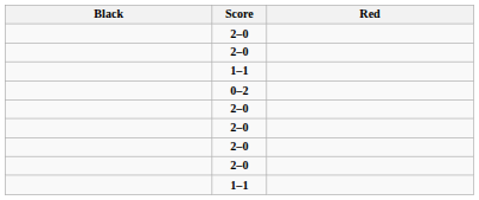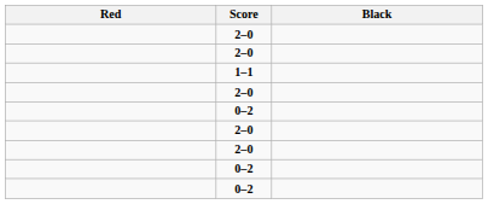 <table class="wikitable" style="text-align: center;">
 <tr>
+<th align="right" width="270">Red</th>
+<th width="65">Score</th>
 <th align="left" width="270">Black</th>
-<th width="65">Score</th>
-<th align="right" width="270">Red</th>
 </tr>
 <tr>
+<td align=left><strong></strong></td>
+<td align=center><strong>2–0</strong></td>
 <td align=left></td>
-<td align=center><strong>2–0</strong></td>
-<td align=left><strong></strong></td>
 </tr>
 <tr>
+<td align=left><strong></strong></td>
+<td align=center><strong>2–0</strong></td>
 <td align=left></td>
-<td align=center><strong>2–0</strong></td>
-<td align=left><strong></strong></td>
 </tr>
 <tr>
 <td align=left></td>
 <td align=center><strong>1–1</strong></td>
+<td align=left></td>
+</tr>
+<tr>
+<td align=left><strong></strong></td>
+<td align=center><strong>2–0</strong></td>
 <td align=left></td>
 </tr>
 <tr>
 <td align=left></td>
 <td align=center><strong>0–2</strong></td>
 <td align=left><strong></strong></td>
 </tr>
 <tr>
 <td align=left><strong></strong></td>
 <td align=center><strong>2–0</strong></td>
 <td align=left></td>
 </tr>
 <tr>
-<td align=left></td>
-<td align=center><strong>2–0</strong></td>
-<td align=left><strong></strong></td>
-</tr>
-<tr>
-<td align=left></td>
-<td align=center><strong>2–0</strong></td>
-<td align=left><strong></strong></td>
-</tr>
-<tr>
 <td align=left><strong></strong></td>
 <td align=center><strong>2–0</strong></td>
 <td align=left></td>
 </tr>
 <tr>
 <td align=left></td>
-<td align=center><strong>1–1</strong></td>
+<td align=center><strong>0–2</strong></td>
+<td align=left><strong></strong></td>
+</tr>
+<tr>
+<td align=left></td>
+<td align=center><strong>0–2</strong></td>
 <td align=left></td>
 </tr>
 </table>
